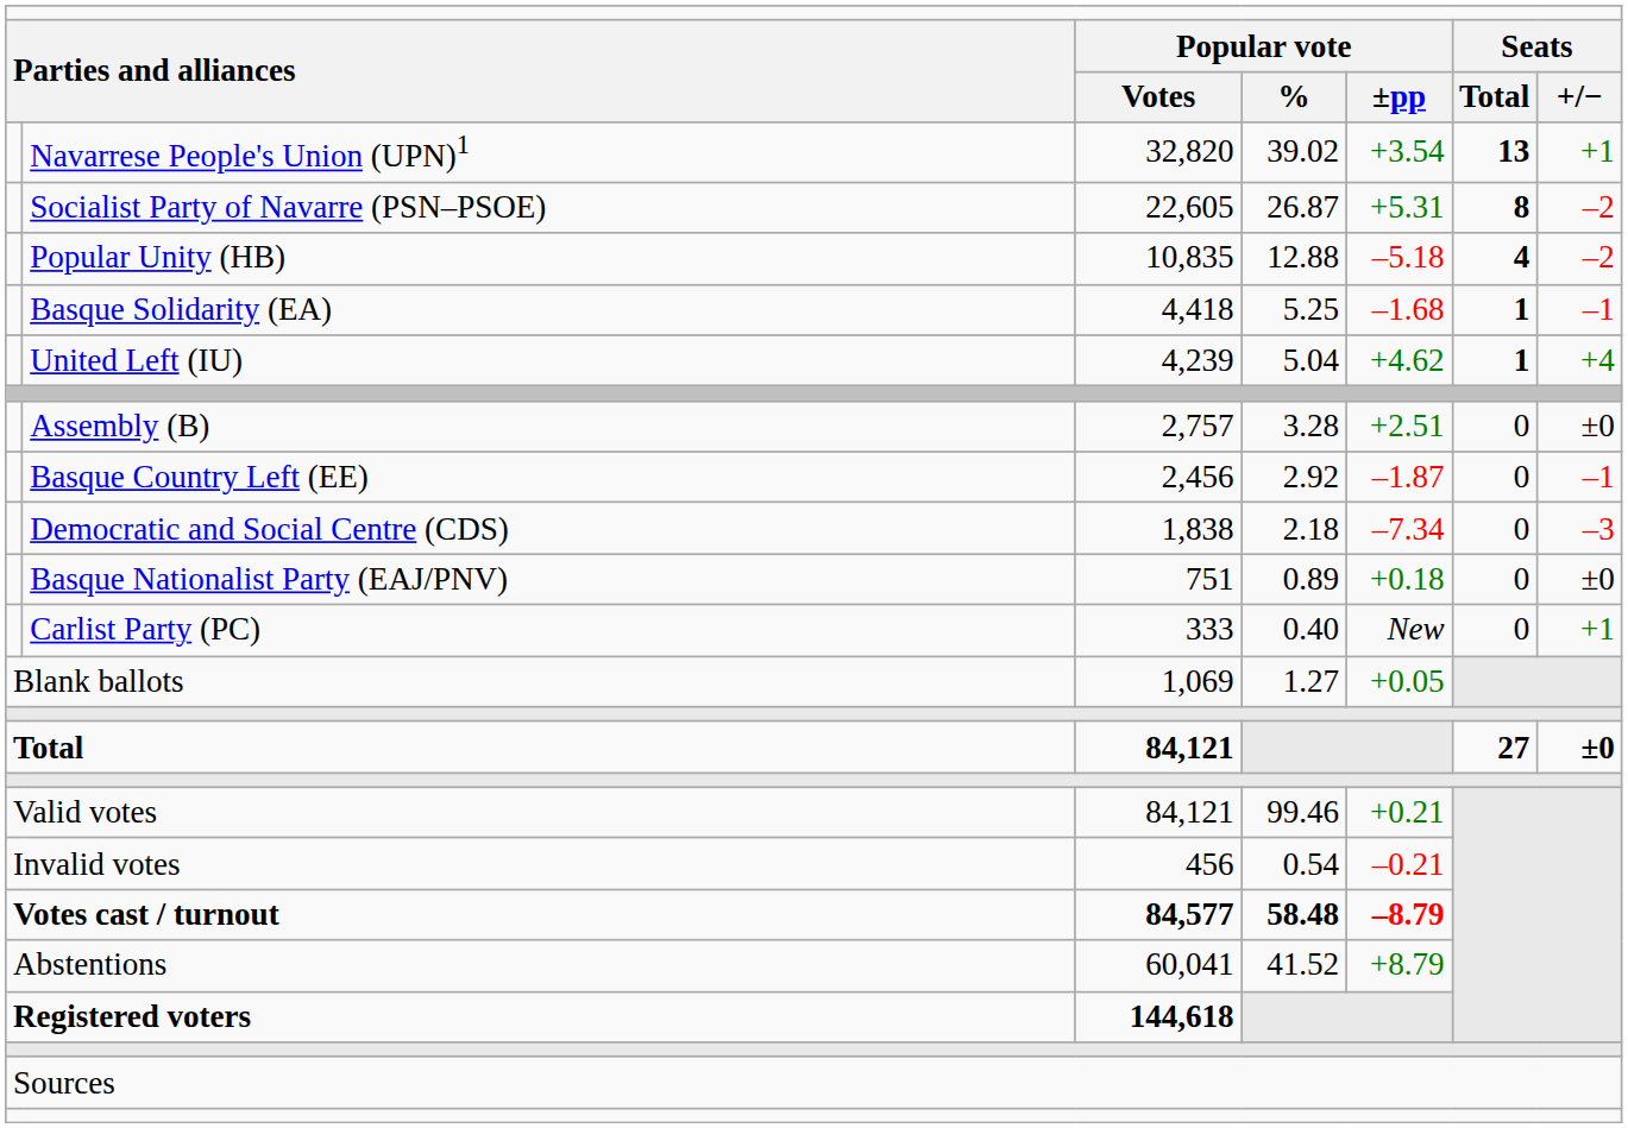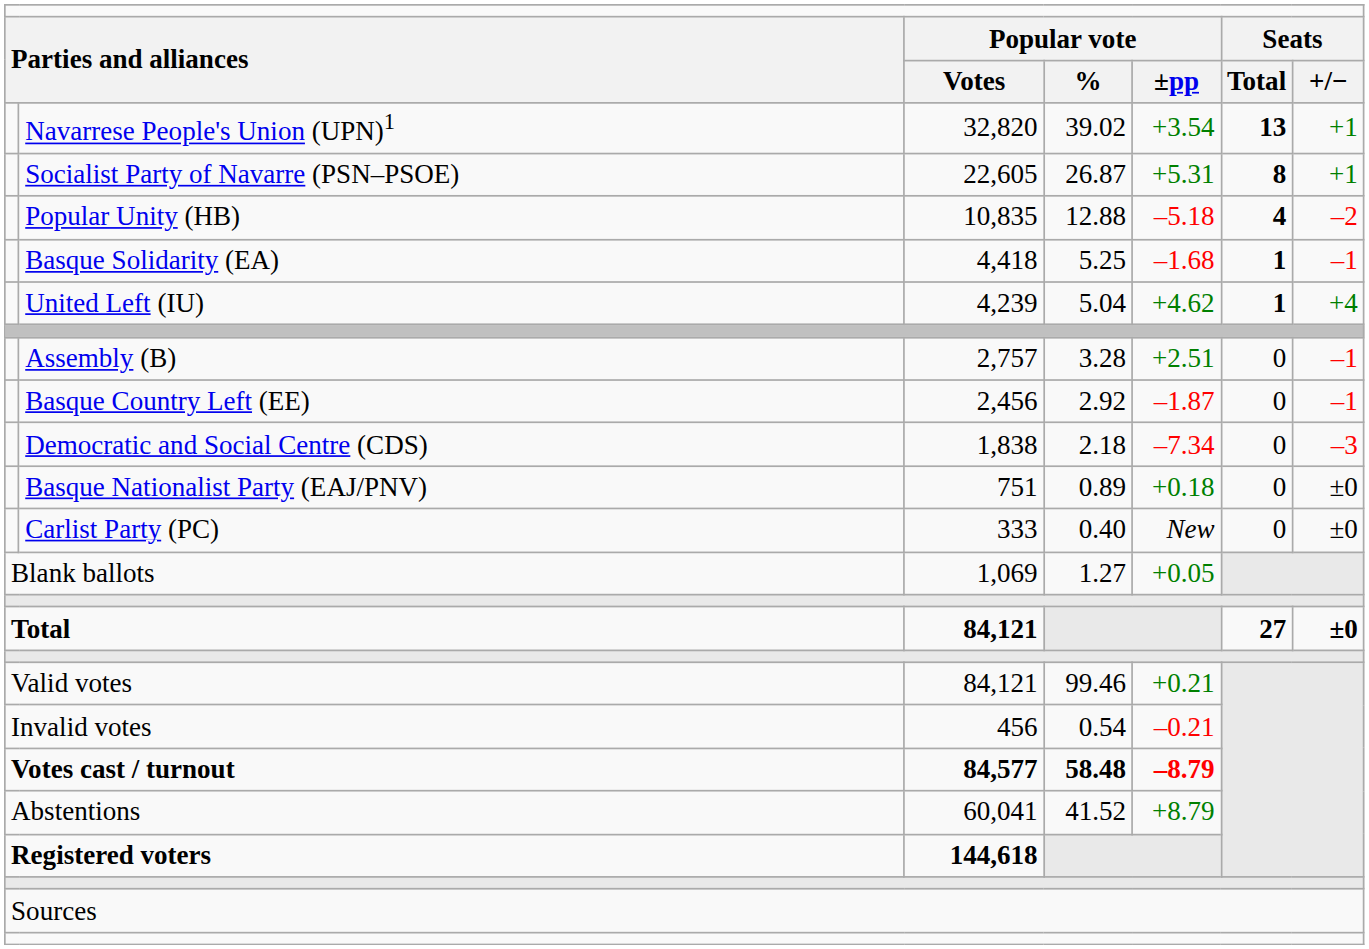 <table class="wikitable" style="text-align:right;">
 <tr>
 <td colspan="7"></td>
 </tr>
 <tr>
 <th style="text-align:left;" rowspan="2" colspan="2" width="525">Parties and alliances</th>
 <th colspan="3">Popular vote</th>
 <th colspan="2">Seats</th>
 </tr>
 <tr>
 <th width="75">Votes</th>
 <th width="45">%</th>
 <th width="45">±<a href='#'>pp</a></th>
 <th width="35">Total</th>
 <th width="35">+/−</th>
 </tr>
 <tr>
 <td width="1" style="color:inherit;background:"></td>
 <td align="left"><a href='#'>Navarrese People's Union</a> (UPN)<sup>1</sup></td>
 <td>32,820</td>
 <td>39.02</td>
 <td style="color:green;">+3.54</td>
 <td><strong>13</strong></td>
 <td style="color:green;">+1</td>
 </tr>
 <tr>
 <td style="color:inherit;background:"></td>
 <td align="left"><a href='#'>Socialist Party of Navarre</a> (PSN–PSOE)</td>
 <td>22,605</td>
 <td>26.87</td>
 <td style="color:green;">+5.31</td>
 <td><strong>8</strong></td>
-<td style="color:red;">–2</td>
+<td style="color:green;">+1</td>
 </tr>
 <tr>
 <td style="color:inherit;background:"></td>
 <td align="left"><a href='#'>Popular Unity</a> (HB)</td>
 <td>10,835</td>
 <td>12.88</td>
 <td style="color:red;">–5.18</td>
 <td><strong>4</strong></td>
 <td style="color:red;">–2</td>
 </tr>
 <tr>
 <td style="color:inherit;background:"></td>
 <td align="left"><a href='#'>Basque Solidarity</a> (EA)</td>
 <td>4,418</td>
 <td>5.25</td>
 <td style="color:red;">–1.68</td>
 <td><strong>1</strong></td>
 <td style="color:red;">–1</td>
 </tr>
 <tr>
 <td style="color:inherit;background:"></td>
 <td align="left"><a href='#'>United Left</a> (IU)</td>
 <td>4,239</td>
 <td>5.04</td>
 <td style="color:green;">+4.62</td>
 <td><strong>1</strong></td>
 <td style="color:green;">+4</td>
 </tr>
 <tr>
 <td colspan="7" bgcolor="#C0C0C0"></td>
 </tr>
 <tr>
 <td style="color:inherit;background:"></td>
 <td align="left"><a href='#'>Assembly</a> (B)</td>
 <td>2,757</td>
 <td>3.28</td>
 <td style="color:green;">+2.51</td>
 <td>0</td>
-<td>±0</td>
+<td style="color:red;">–1</td>
 </tr>
 <tr>
 <td style="color:inherit;background:"></td>
 <td align="left"><a href='#'>Basque Country Left</a> (EE)</td>
 <td>2,456</td>
 <td>2.92</td>
 <td style="color:red;">–1.87</td>
 <td>0</td>
 <td style="color:red;">–1</td>
 </tr>
 <tr>
 <td style="color:inherit;background:"></td>
 <td align="left"><a href='#'>Democratic and Social Centre</a> (CDS)</td>
 <td>1,838</td>
 <td>2.18</td>
 <td style="color:red;">–7.34</td>
 <td>0</td>
 <td style="color:red;">–3</td>
 </tr>
 <tr>
 <td style="color:inherit;background:"></td>
 <td align="left"><a href='#'>Basque Nationalist Party</a> (EAJ/PNV)</td>
 <td>751</td>
 <td>0.89</td>
 <td style="color:green;">+0.18</td>
 <td>0</td>
 <td>±0</td>
 </tr>
 <tr>
 <td style="color:inherit;background:"></td>
 <td align="left"><a href='#'>Carlist Party</a> (PC)</td>
 <td>333</td>
 <td>0.40</td>
 <td><em>New</em></td>
 <td>0</td>
-<td style="color:green;">+1</td>
+<td>±0</td>
 </tr>
 <tr>
 <td align="left" colspan="2">Blank ballots</td>
 <td>1,069</td>
 <td>1.27</td>
 <td style="color:green;">+0.05</td>
 <td bgcolor="#E9E9E9" colspan="2"></td>
 </tr>
 <tr>
 <td colspan="7" bgcolor="#E9E9E9"></td>
 </tr>
 <tr style="font-weight:bold;">
 <td align="left" colspan="2">Total</td>
 <td>84,121</td>
 <td bgcolor="#E9E9E9" colspan="2"></td>
 <td>27</td>
 <td>±0</td>
 </tr>
 <tr>
 <td colspan="7" bgcolor="#E9E9E9"></td>
 </tr>
 <tr>
 <td align="left" colspan="2">Valid votes</td>
 <td>84,121</td>
 <td>99.46</td>
 <td style="color:green;">+0.21</td>
 <td bgcolor="#E9E9E9" colspan="2" rowspan="5"></td>
 </tr>
 <tr>
 <td align="left" colspan="2">Invalid votes</td>
 <td>456</td>
 <td>0.54</td>
 <td style="color:red;">–0.21</td>
 </tr>
 <tr style="font-weight:bold;">
 <td align="left" colspan="2">Votes cast / turnout</td>
 <td>84,577</td>
 <td>58.48</td>
 <td style="color:red;">–8.79</td>
 </tr>
 <tr>
 <td align="left" colspan="2">Abstentions</td>
 <td>60,041</td>
 <td>41.52</td>
 <td style="color:green;">+8.79</td>
 </tr>
 <tr style="font-weight:bold;">
 <td align="left" colspan="2">Registered voters</td>
 <td>144,618</td>
 <td bgcolor="#E9E9E9" colspan="2"></td>
 </tr>
 <tr>
 <td colspan="7" bgcolor="#E9E9E9"></td>
 </tr>
 <tr>
 <td align="left" colspan="7">Sources</td>
 </tr>
 <tr>
 <td colspan="7" style="text-align:left; max-width:790px;"></td>
 </tr>
 </table>
